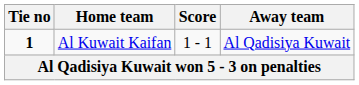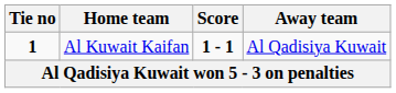 <table class="wikitable" style="text-align: center">
 <tr>
 <th>Tie no</th>
 <th>Home team</th>
 <th>Score</th>
 <th>Away team</th>
 </tr>
 <tr>
 <td><strong>1</strong></td>
 <td><a href='#'>Al Kuwait Kaifan</a></td>
-<td>1 - 1</td>
+<td><strong>1 - 1</strong></td>
 <td><a href='#'>Al Qadisiya Kuwait</a></td>
 </tr>
 <tr>
 <th colspan="4">Al Qadisiya Kuwait won 5 - 3 on penalties</th>
 </tr>
 </table>
